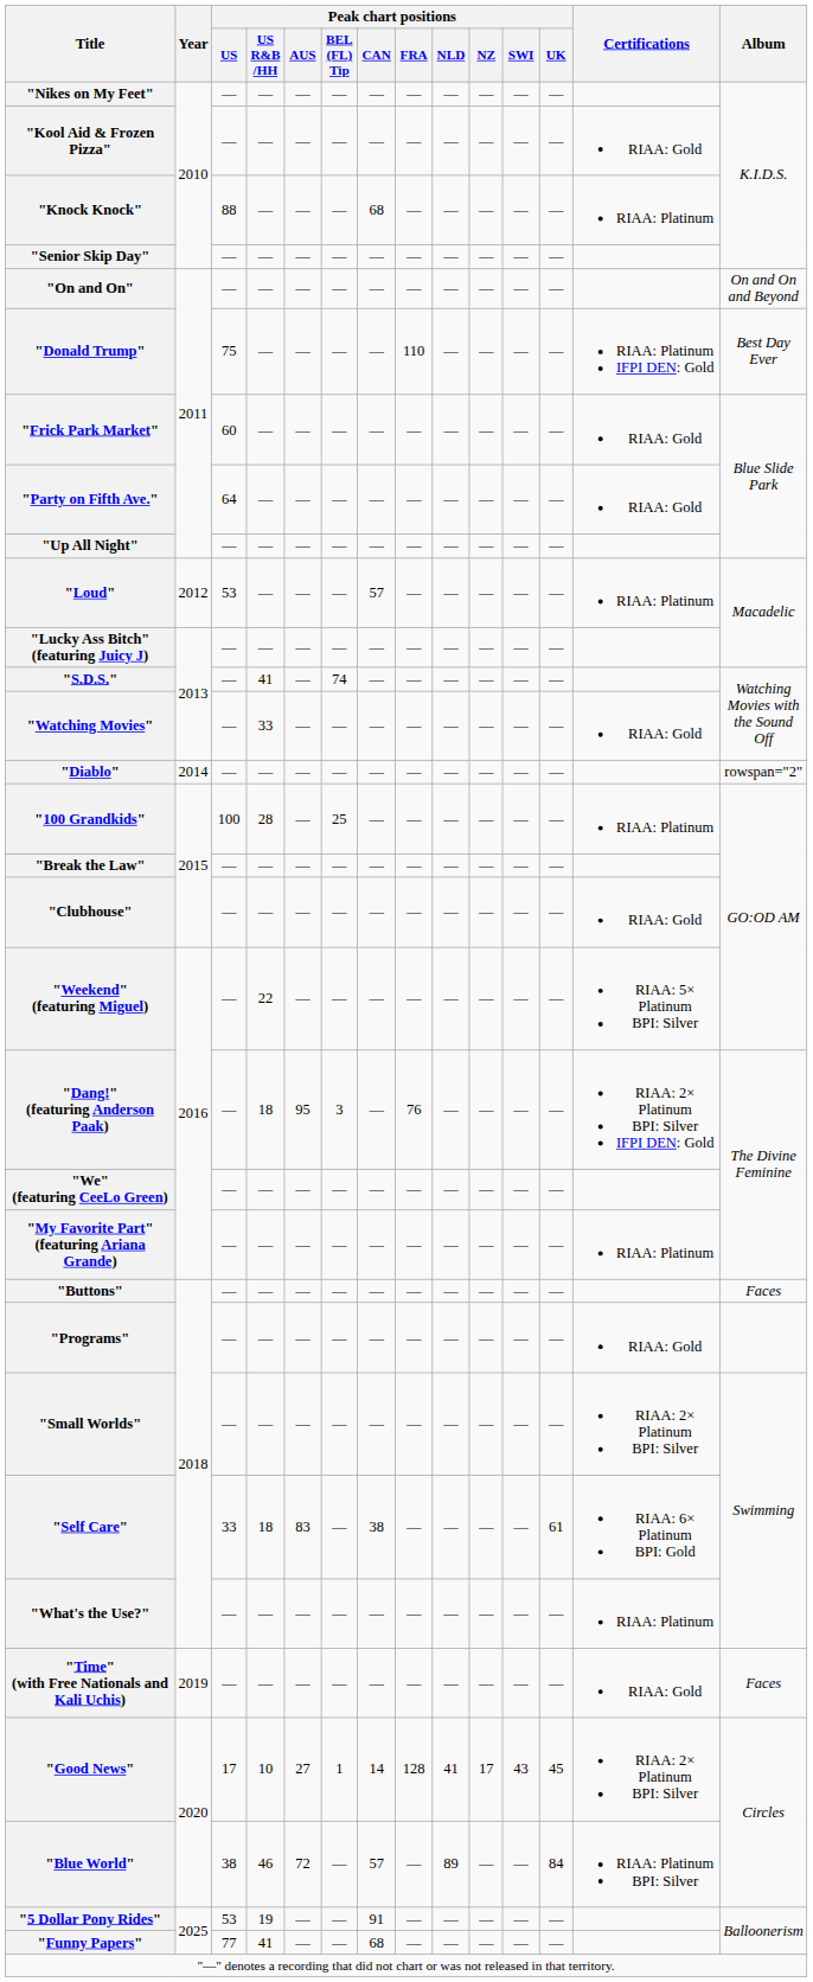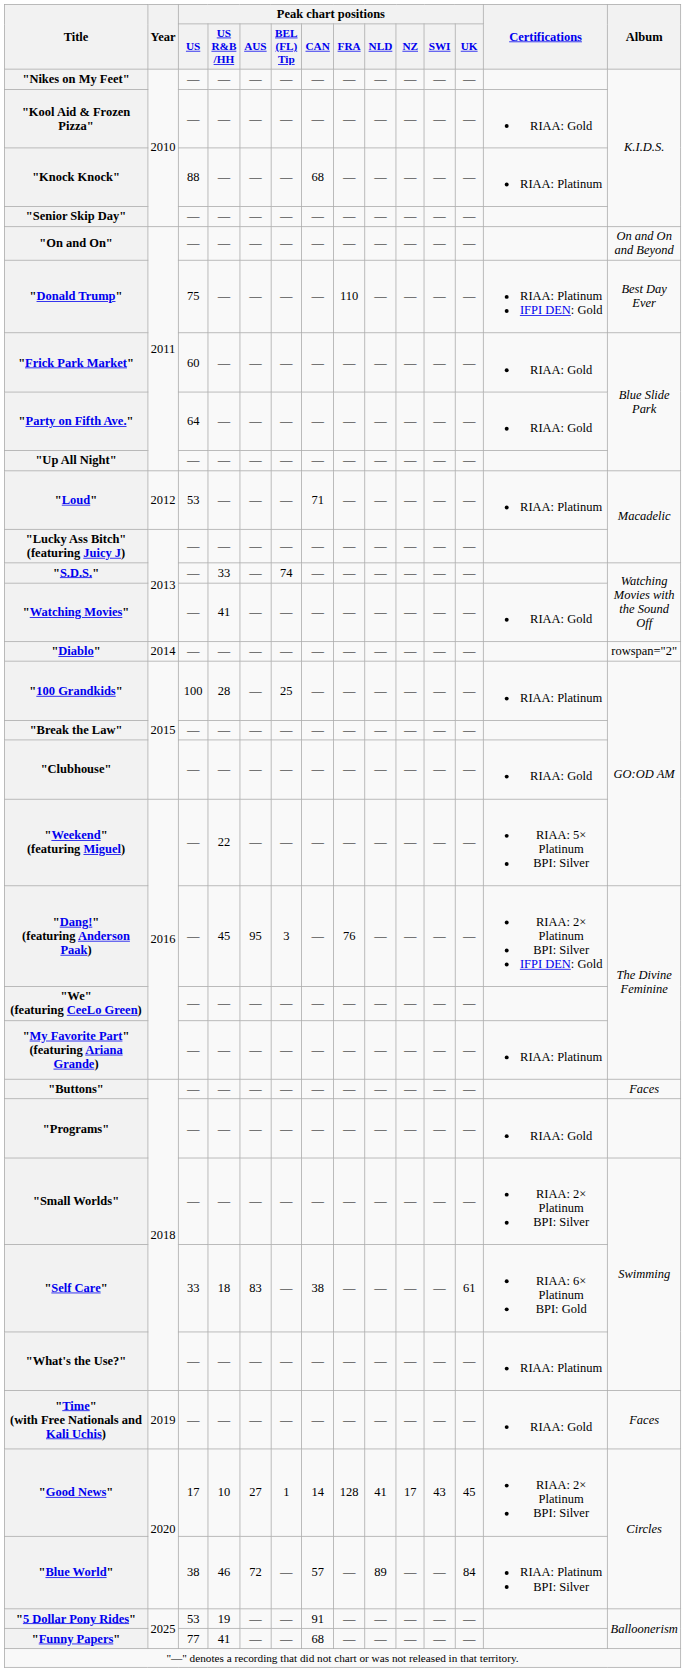 <table class="wikitable plainrowheaders" style="text-align:center;">
 <tr>
 <th scope="col" rowspan="2" style="width:15em;">Title</th>
 <th scope="col" rowspan="2" style="width:1em;">Year</th>
 <th scope="col" colspan="10">Peak chart positions</th>
 <th scope="col" rowspan="2" style="width:12em;"><a href='#'>Certifications</a></th>
 <th scope="col" rowspan="2">Album</th>
 </tr>
 <tr>
 <th scope="col" style="width:2.5em;font-size:90%;"><a href='#'>US</a><br></th>
 <th scope="col" style="width:2.5em;font-size:90%;"><a href='#'>US<br>R&B<br>/HH</a><br></th>
 <th scope="col" style="width:2.5em;font-size:90%;"><a href='#'>AUS</a><br></th>
 <th scope="col" style="width:2.5em;font-size:90%;"><a href='#'>BEL<br>(FL)<br>Tip</a><br></th>
 <th scope="col" style="width:2.5em;font-size:90%;"><a href='#'>CAN</a><br></th>
 <th scope="col" style="width:2.5em;font-size:90%;"><a href='#'>FRA</a><br></th>
 <th scope="col" style="width:2.5em;font-size:90%;"><a href='#'>NLD</a><br></th>
 <th scope="col" style="width:2.5em;font-size:90%;"><a href='#'>NZ</a><br></th>
 <th scope="col" style="width:2.5em;font-size:90%;"><a href='#'>SWI</a><br></th>
 <th scope="col" style="width:2.5em;font-size:90%;"><a href='#'>UK</a><br></th>
 </tr>
 <tr>
 <th scope="row">"Nikes on My Feet"</th>
 <td rowspan="4">2010</td>
 <td>—</td>
 <td>—</td>
 <td>—</td>
 <td>—</td>
 <td>—</td>
 <td>—</td>
 <td>—</td>
 <td>—</td>
 <td>—</td>
 <td>—</td>
 <td></td>
 <td rowspan="4"><em>K.I.D.S.</em></td>
 </tr>
 <tr>
 <th scope="row">"Kool Aid & Frozen Pizza"</th>
 <td>—</td>
 <td>—</td>
 <td>—</td>
 <td>—</td>
 <td>—</td>
 <td>—</td>
 <td>—</td>
 <td>—</td>
 <td>—</td>
 <td>—</td>
 <td><br><ul><li>RIAA: Gold</li></ul></td>
 </tr>
 <tr>
 <th scope="row">"Knock Knock"</th>
 <td>88</td>
 <td>—</td>
 <td>—</td>
 <td>—</td>
 <td>68</td>
 <td>—</td>
 <td>—</td>
 <td>—</td>
 <td>—</td>
 <td>—</td>
 <td><br><ul><li>RIAA: Platinum</li></ul></td>
 </tr>
 <tr>
 <th scope="row">"Senior Skip Day"</th>
 <td>—</td>
 <td>—</td>
 <td>—</td>
 <td>—</td>
 <td>—</td>
 <td>—</td>
 <td>—</td>
 <td>—</td>
 <td>—</td>
 <td>—</td>
 <td></td>
 </tr>
 <tr>
 <th scope="row">"On and On"</th>
 <td rowspan="5">2011</td>
 <td>—</td>
 <td>—</td>
 <td>—</td>
 <td>—</td>
 <td>—</td>
 <td>—</td>
 <td>—</td>
 <td>—</td>
 <td>—</td>
 <td>—</td>
 <td></td>
 <td><em>On and On and Beyond</em></td>
 </tr>
 <tr>
 <th scope="row">"<a href='#'>Donald Trump</a>"</th>
 <td>75</td>
 <td>—</td>
 <td>—</td>
 <td>—</td>
 <td>—</td>
 <td>110</td>
 <td>—</td>
 <td>—</td>
 <td>—</td>
 <td>—</td>
 <td><br><ul><li>RIAA: Platinum</li><li><a href='#'>IFPI DEN</a>: Gold</li></ul></td>
 <td><em>Best Day Ever</em></td>
 </tr>
 <tr>
 <th scope="row">"<a href='#'>Frick Park Market</a>"</th>
 <td>60</td>
 <td>—</td>
 <td>—</td>
 <td>—</td>
 <td>—</td>
 <td>—</td>
 <td>—</td>
 <td>—</td>
 <td>—</td>
 <td>—</td>
 <td><br><ul><li>RIAA: Gold</li></ul></td>
 <td rowspan="3"><em>Blue Slide Park</em></td>
 </tr>
 <tr>
 <th scope="row">"<a href='#'>Party on Fifth Ave.</a>"</th>
 <td>64</td>
 <td>—</td>
 <td>—</td>
 <td>—</td>
 <td>—</td>
 <td>—</td>
 <td>—</td>
 <td>—</td>
 <td>—</td>
 <td>—</td>
 <td><br><ul><li>RIAA: Gold</li></ul></td>
 </tr>
 <tr>
 <th scope="row">"Up All Night"</th>
 <td>—</td>
 <td>—</td>
 <td>—</td>
 <td>—</td>
 <td>—</td>
 <td>—</td>
 <td>—</td>
 <td>—</td>
 <td>—</td>
 <td>—</td>
 <td></td>
 </tr>
 <tr>
 <th scope="row">"<a href='#'>Loud</a>"</th>
 <td>2012</td>
 <td>53</td>
 <td>—</td>
 <td>—</td>
 <td>—</td>
-<td>57</td>
+<td>71</td>
 <td>—</td>
 <td>—</td>
 <td>—</td>
 <td>—</td>
 <td>—</td>
 <td><br><ul><li>RIAA: Platinum</li></ul></td>
 <td rowspan="2"><em>Macadelic</em></td>
 </tr>
 <tr>
 <th scope="row">"Lucky Ass Bitch"<br><span>(featuring <a href='#'>Juicy J</a>)</span></th>
 <td rowspan="3">2013</td>
 <td>—</td>
 <td>—</td>
 <td>—</td>
 <td>—</td>
 <td>—</td>
 <td>—</td>
 <td>—</td>
 <td>—</td>
 <td>—</td>
 <td>—</td>
 <td></td>
 </tr>
 <tr>
 <th scope="row">"<a href='#'>S.D.S.</a>"</th>
 <td>—</td>
-<td>41</td>
+<td>33</td>
 <td>—</td>
 <td>74</td>
 <td>—</td>
 <td>—</td>
 <td>—</td>
 <td>—</td>
 <td>—</td>
 <td>—</td>
 <td></td>
 <td rowspan="2"><em>Watching Movies with the Sound Off</em></td>
 </tr>
 <tr>
 <th scope="row">"<a href='#'>Watching Movies</a>"</th>
 <td>—</td>
-<td>33</td>
+<td>41</td>
 <td>—</td>
 <td>—</td>
 <td>—</td>
 <td>—</td>
 <td>—</td>
 <td>—</td>
 <td>—</td>
 <td>—</td>
 <td><br><ul><li>RIAA: Gold</li></ul></td>
 </tr>
 <tr>
 <th scope="row">"<a href='#'>Diablo</a>"</th>
 <td>2014</td>
 <td>—</td>
 <td>—</td>
 <td>—</td>
 <td>—</td>
 <td>—</td>
 <td>—</td>
 <td>—</td>
 <td>—</td>
 <td>—</td>
 <td>—</td>
 <td></td>
 <td>rowspan="2" </td>
 </tr>
 <tr>
 <th scope="row">"<a href='#'>100 Grandkids</a>"</th>
 <td rowspan="3">2015</td>
 <td>100</td>
 <td>28</td>
 <td>—</td>
 <td>25</td>
 <td>—</td>
 <td>—</td>
 <td>—</td>
 <td>—</td>
 <td>—</td>
 <td>—</td>
 <td><br><ul><li>RIAA: Platinum</li></ul></td>
 <td rowspan="4"><em>GO:OD AM</em></td>
 </tr>
 <tr>
 <th scope="row">"Break the Law"</th>
 <td>—</td>
 <td>—</td>
 <td>—</td>
 <td>—</td>
 <td>—</td>
 <td>—</td>
 <td>—</td>
 <td>—</td>
 <td>—</td>
 <td>—</td>
 <td></td>
 </tr>
 <tr>
 <th scope="row">"Clubhouse"</th>
 <td>—</td>
 <td>—</td>
 <td>—</td>
 <td>—</td>
 <td>—</td>
 <td>—</td>
 <td>—</td>
 <td>—</td>
 <td>—</td>
 <td>—</td>
 <td><br><ul><li>RIAA: Gold</li></ul></td>
 </tr>
 <tr>
 <th scope="row">"<a href='#'>Weekend</a>"<br><span>(featuring <a href='#'>Miguel</a>)</span></th>
 <td rowspan="4">2016</td>
 <td>—</td>
 <td>22</td>
 <td>—</td>
 <td>—</td>
 <td>—</td>
 <td>—</td>
 <td>—</td>
 <td>—</td>
 <td>—</td>
 <td>—</td>
 <td><br><ul><li>RIAA: 5× Platinum</li><li>BPI: Silver</li></ul></td>
 </tr>
 <tr>
 <th scope="row">"<a href='#'>Dang!</a>"<br><span>(featuring <a href='#'>Anderson Paak</a>)</span></th>
 <td>—</td>
-<td>18</td>
+<td>45</td>
 <td>95</td>
 <td>3</td>
 <td>—</td>
 <td>76</td>
 <td>—</td>
 <td>—</td>
 <td>—</td>
 <td>—</td>
 <td><br><ul><li>RIAA: 2× Platinum</li><li>BPI: Silver</li><li><a href='#'>IFPI DEN</a>: Gold</li></ul></td>
 <td rowspan="3"><em>The Divine Feminine</em></td>
 </tr>
 <tr>
 <th scope="row">"We"<br><span>(featuring <a href='#'>CeeLo Green</a>)</span></th>
 <td>—</td>
 <td>—</td>
 <td>—</td>
 <td>—</td>
 <td>—</td>
 <td>—</td>
 <td>—</td>
 <td>—</td>
 <td>—</td>
 <td>—</td>
 <td></td>
 </tr>
 <tr>
 <th scope="row">"<a href='#'>My Favorite Part</a>"<br><span>(featuring <a href='#'>Ariana Grande</a>)</span></th>
 <td>—</td>
 <td>—</td>
 <td>—</td>
 <td>—</td>
 <td>—</td>
 <td>—</td>
 <td>—</td>
 <td>—</td>
 <td>—</td>
 <td>—</td>
 <td><br><ul><li>RIAA: Platinum</li></ul></td>
 </tr>
 <tr>
 <th scope="row">"Buttons"</th>
 <td rowspan="5">2018</td>
 <td>—</td>
 <td>—</td>
 <td>—</td>
 <td>—</td>
 <td>—</td>
 <td>—</td>
 <td>—</td>
 <td>—</td>
 <td>—</td>
 <td>—</td>
 <td></td>
 <td><em>Faces</em></td>
 </tr>
 <tr>
 <th scope="row">"Programs"</th>
 <td>—</td>
 <td>—</td>
 <td>—</td>
 <td>—</td>
 <td>—</td>
 <td>—</td>
 <td>—</td>
 <td>—</td>
 <td>—</td>
 <td>—</td>
 <td><br><ul><li>RIAA: Gold</li></ul></td>
 </tr>
 <tr>
 <th scope="row">"Small Worlds"</th>
 <td>—</td>
 <td>—</td>
 <td>—</td>
 <td>—</td>
 <td>—</td>
 <td>—</td>
 <td>—</td>
 <td>—</td>
 <td>—</td>
 <td>—</td>
 <td><br><ul><li>RIAA: 2× Platinum</li><li>BPI: Silver</li></ul></td>
 <td rowspan="3"><em>Swimming</em></td>
 </tr>
 <tr>
 <th scope="row">"<a href='#'>Self Care</a>"</th>
 <td>33</td>
 <td>18</td>
 <td>83</td>
 <td>—</td>
 <td>38</td>
 <td>—</td>
 <td>—</td>
 <td>—</td>
 <td>—</td>
 <td>61</td>
 <td><br><ul><li>RIAA: 6× Platinum</li><li>BPI: Gold</li></ul></td>
 </tr>
 <tr>
 <th scope="row">"What's the Use?"</th>
 <td>—</td>
 <td>—</td>
 <td>—</td>
 <td>—</td>
 <td>—</td>
 <td>—</td>
 <td>—</td>
 <td>—</td>
 <td>—</td>
 <td>—</td>
 <td><br><ul><li>RIAA: Platinum</li></ul></td>
 </tr>
 <tr>
 <th scope="row">"<a href='#'>Time</a>"<br><span>(with Free Nationals and <a href='#'>Kali Uchis</a>)</span></th>
 <td>2019</td>
 <td>—</td>
 <td>—</td>
 <td>—</td>
 <td>—</td>
 <td>—</td>
 <td>—</td>
 <td>—</td>
 <td>—</td>
 <td>—</td>
 <td>—</td>
 <td><br><ul><li>RIAA: Gold</li></ul></td>
 <td><em>Faces</em></td>
 </tr>
 <tr>
 <th scope="row">"<a href='#'>Good News</a>"</th>
 <td rowspan="2">2020</td>
 <td>17</td>
 <td>10</td>
 <td>27</td>
 <td>1</td>
 <td>14</td>
 <td>128</td>
 <td>41</td>
 <td>17</td>
 <td>43</td>
 <td>45</td>
 <td><br><ul><li>RIAA: 2× Platinum</li><li>BPI: Silver</li></ul></td>
 <td rowspan="2"><em>Circles</em></td>
 </tr>
 <tr>
 <th scope="row">"<a href='#'>Blue World</a>"</th>
 <td>38</td>
 <td>46</td>
 <td>72</td>
 <td>—</td>
 <td>57</td>
 <td>—</td>
 <td>89</td>
 <td>—</td>
 <td>—</td>
 <td>84</td>
 <td><br><ul><li>RIAA: Platinum</li><li>BPI: Silver</li></ul></td>
 </tr>
 <tr>
 <th scope="row">"<a href='#'>5 Dollar Pony Rides</a>"</th>
 <td rowspan="2">2025</td>
 <td>53</td>
 <td>19</td>
 <td>—</td>
 <td>—</td>
 <td>91</td>
 <td>—</td>
 <td>—</td>
 <td>—</td>
 <td>—</td>
 <td>—</td>
 <td></td>
 <td rowspan="2"><em>Balloonerism</em></td>
 </tr>
 <tr>
 <th scope="row">"<a href='#'>Funny Papers</a>"</th>
 <td>77</td>
 <td>41</td>
 <td>—</td>
 <td>—</td>
 <td>68</td>
 <td>—</td>
 <td>—</td>
 <td>—</td>
 <td>—</td>
 <td>—</td>
 </tr>
 <tr>
 <td colspan="14" style="font-size:90%">"—" denotes a recording that did not chart or was not released in that territory.</td>
 </tr>
 </table>
